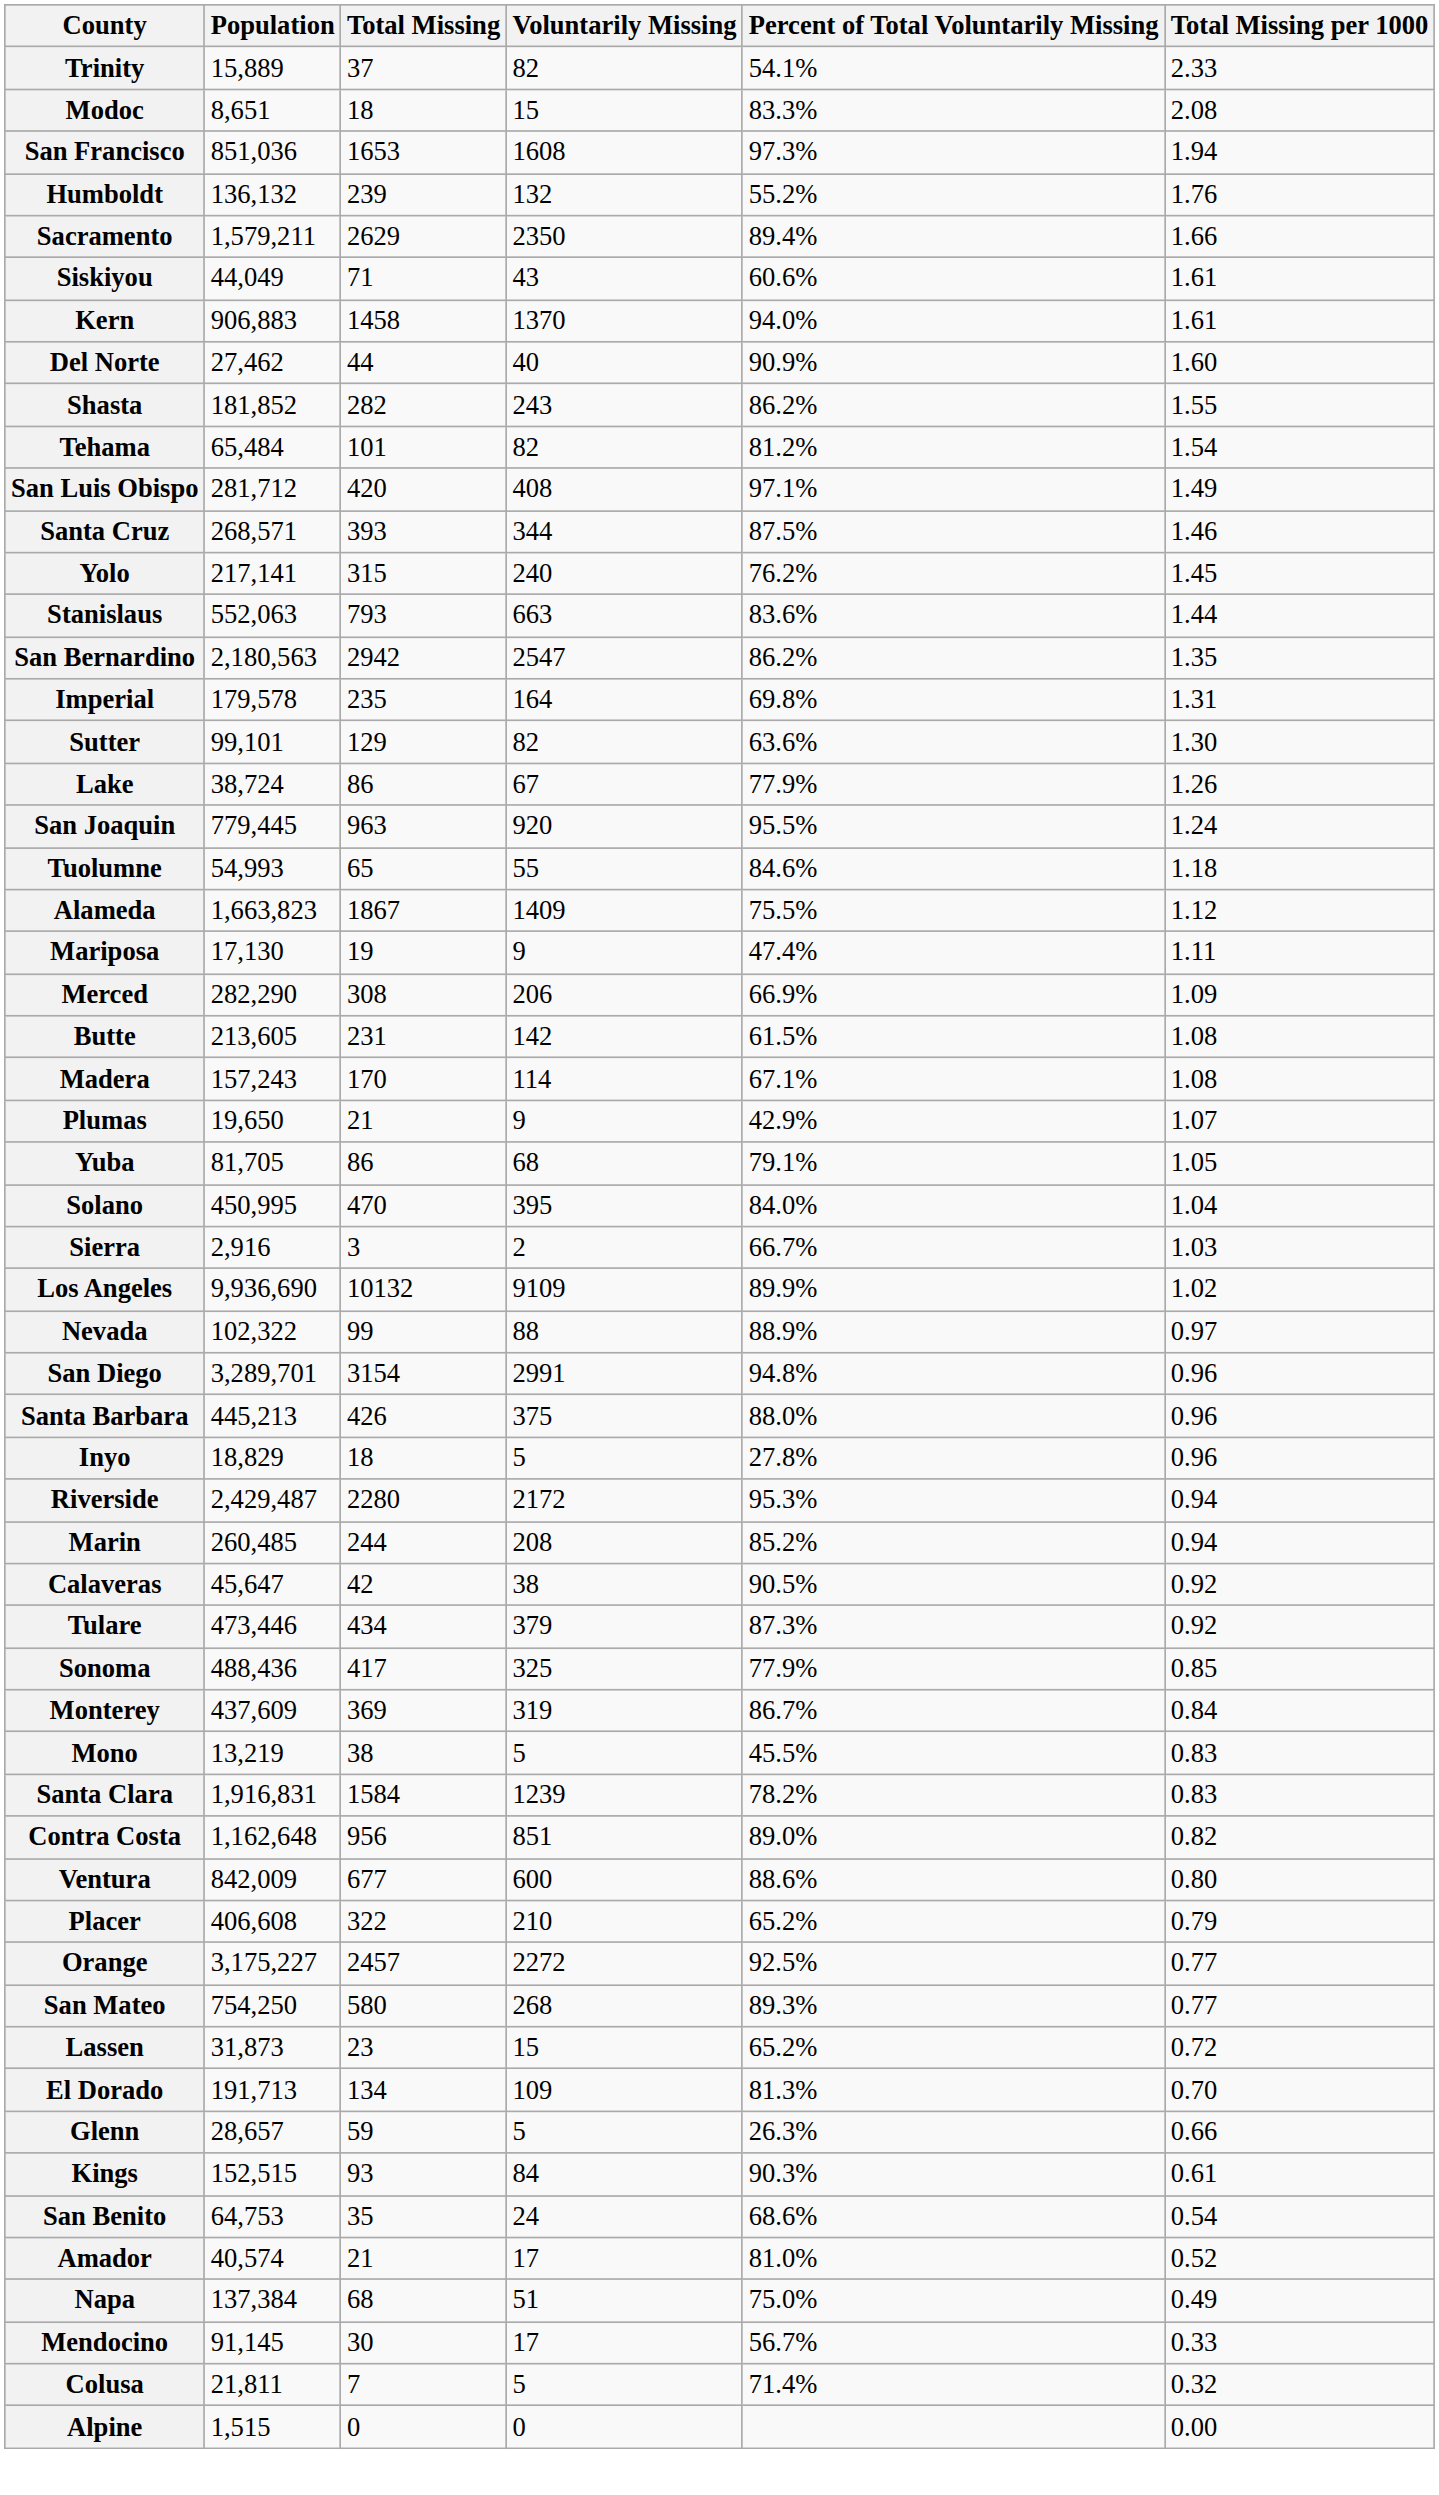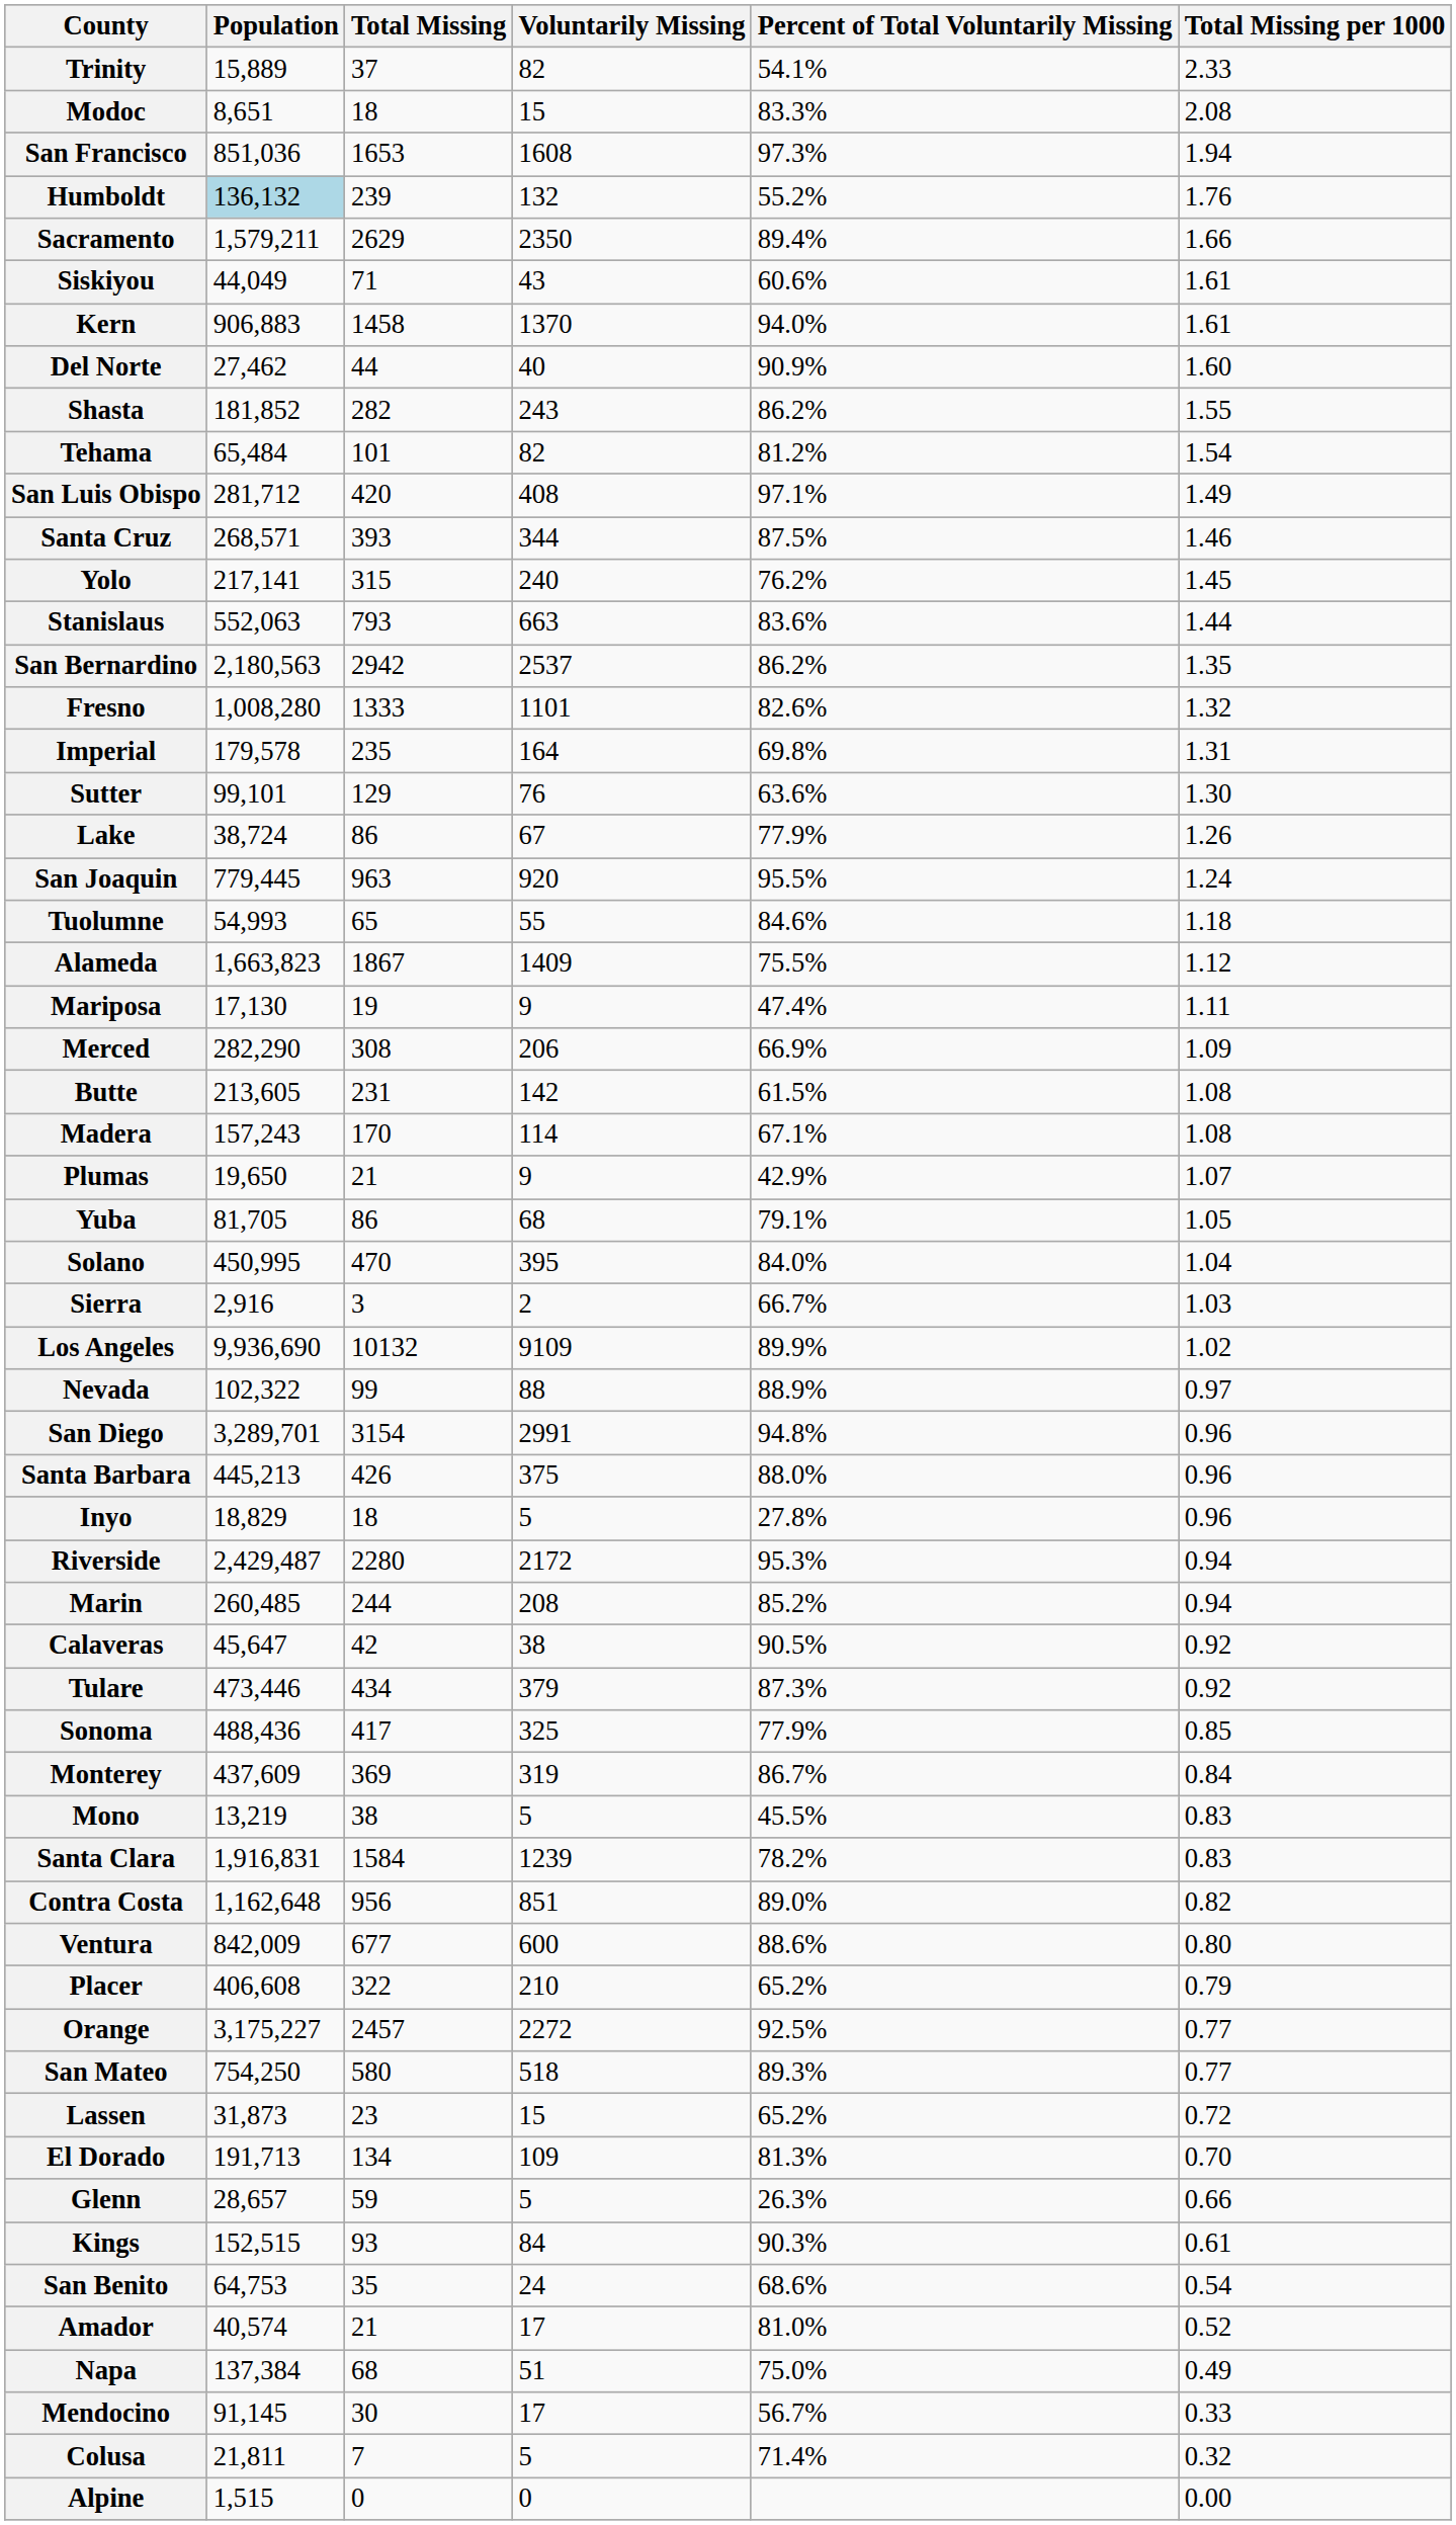 <table class="wikitable collapsible collapsed sortable”">
 <tr>
 <th>County</th>
 <th>Population </th>
 <th>Total Missing </th>
 <th>Voluntarily Missing </th>
 <th>Percent of Total Voluntarily Missing</th>
 <th>Total Missing per 1000</th>
 </tr>
 <tr>
 <th>Trinity</th>
 <td>15,889</td>
 <td>37</td>
 <td>82</td>
 <td>54.1%</td>
 <td>2.33</td>
 </tr>
 <tr>
 <th>Modoc</th>
 <td>8,651</td>
 <td>18</td>
 <td>15</td>
 <td>83.3%</td>
 <td>2.08</td>
 </tr>
 <tr>
 <th>San Francisco</th>
 <td>851,036</td>
 <td>1653</td>
 <td>1608</td>
 <td>97.3%</td>
 <td>1.94</td>
 </tr>
 <tr>
 <th>Humboldt</th>
-<td>136,132</td>
+<td style="background: lightblue;">136,132</td>
 <td>239</td>
 <td>132</td>
 <td>55.2%</td>
 <td>1.76</td>
 </tr>
 <tr>
 <th>Sacramento</th>
 <td>1,579,211</td>
 <td>2629</td>
 <td>2350</td>
 <td>89.4%</td>
 <td>1.66</td>
 </tr>
 <tr>
 <th>Siskiyou</th>
 <td>44,049</td>
 <td>71</td>
 <td>43</td>
 <td>60.6%</td>
 <td>1.61</td>
 </tr>
 <tr>
 <th>Kern</th>
 <td>906,883</td>
 <td>1458</td>
 <td>1370</td>
 <td>94.0%</td>
 <td>1.61</td>
 </tr>
 <tr>
 <th>Del Norte</th>
 <td>27,462</td>
 <td>44</td>
 <td>40</td>
 <td>90.9%</td>
 <td>1.60</td>
 </tr>
 <tr>
 <th>Shasta</th>
 <td>181,852</td>
 <td>282</td>
 <td>243</td>
 <td>86.2%</td>
 <td>1.55</td>
 </tr>
 <tr>
 <th>Tehama</th>
 <td>65,484</td>
 <td>101</td>
 <td>82</td>
 <td>81.2%</td>
 <td>1.54</td>
 </tr>
 <tr>
 <th>San Luis Obispo</th>
 <td>281,712</td>
 <td>420</td>
 <td>408</td>
 <td>97.1%</td>
 <td>1.49</td>
 </tr>
 <tr>
 <th>Santa Cruz</th>
 <td>268,571</td>
 <td>393</td>
 <td>344</td>
 <td>87.5%</td>
 <td>1.46</td>
 </tr>
 <tr>
 <th>Yolo</th>
 <td>217,141</td>
 <td>315</td>
 <td>240</td>
 <td>76.2%</td>
 <td>1.45</td>
 </tr>
 <tr>
 <th>Stanislaus</th>
 <td>552,063</td>
 <td>793</td>
 <td>663</td>
 <td>83.6%</td>
 <td>1.44</td>
 </tr>
 <tr>
 <th>San Bernardino</th>
 <td>2,180,563</td>
 <td>2942</td>
-<td>2547</td>
+<td>2537</td>
 <td>86.2%</td>
 <td>1.35</td>
+</tr>
+<tr>
+<th>Fresno</th>
+<td>1,008,280</td>
+<td>1333</td>
+<td>1101</td>
+<td>82.6%</td>
+<td>1.32</td>
 </tr>
 <tr>
 <th>Imperial</th>
 <td>179,578</td>
 <td>235</td>
 <td>164</td>
 <td>69.8%</td>
 <td>1.31</td>
 </tr>
 <tr>
 <th>Sutter</th>
 <td>99,101</td>
 <td>129</td>
-<td>82</td>
+<td>76</td>
 <td>63.6%</td>
 <td>1.30</td>
 </tr>
 <tr>
 <th>Lake</th>
 <td>38,724</td>
 <td>86</td>
 <td>67</td>
 <td>77.9%</td>
 <td>1.26</td>
 </tr>
 <tr>
 <th>San Joaquin</th>
 <td>779,445</td>
 <td>963</td>
 <td>920</td>
 <td>95.5%</td>
 <td>1.24</td>
 </tr>
 <tr>
 <th>Tuolumne</th>
 <td>54,993</td>
 <td>65</td>
 <td>55</td>
 <td>84.6%</td>
 <td>1.18</td>
 </tr>
 <tr>
 <th>Alameda</th>
 <td>1,663,823</td>
 <td>1867</td>
 <td>1409</td>
 <td>75.5%</td>
 <td>1.12</td>
 </tr>
 <tr>
 <th>Mariposa</th>
 <td>17,130</td>
 <td>19</td>
 <td>9</td>
 <td>47.4%</td>
 <td>1.11</td>
 </tr>
 <tr>
 <th>Merced</th>
 <td>282,290</td>
 <td>308</td>
 <td>206</td>
 <td>66.9%</td>
 <td>1.09</td>
 </tr>
 <tr>
 <th>Butte</th>
 <td>213,605</td>
 <td>231</td>
 <td>142</td>
 <td>61.5%</td>
 <td>1.08</td>
 </tr>
 <tr>
 <th>Madera</th>
 <td>157,243</td>
 <td>170</td>
 <td>114</td>
 <td>67.1%</td>
 <td>1.08</td>
 </tr>
 <tr>
 <th>Plumas</th>
 <td>19,650</td>
 <td>21</td>
 <td>9</td>
 <td>42.9%</td>
 <td>1.07</td>
 </tr>
 <tr>
 <th>Yuba</th>
 <td>81,705</td>
 <td>86</td>
 <td>68</td>
 <td>79.1%</td>
 <td>1.05</td>
 </tr>
 <tr>
 <th>Solano</th>
 <td>450,995</td>
 <td>470</td>
 <td>395</td>
 <td>84.0%</td>
 <td>1.04</td>
 </tr>
 <tr>
 <th>Sierra</th>
 <td>2,916</td>
 <td>3</td>
 <td>2</td>
 <td>66.7%</td>
 <td>1.03</td>
 </tr>
 <tr>
 <th>Los Angeles</th>
 <td>9,936,690</td>
 <td>10132</td>
 <td>9109</td>
 <td>89.9%</td>
 <td>1.02</td>
 </tr>
 <tr>
 <th>Nevada</th>
 <td>102,322</td>
 <td>99</td>
 <td>88</td>
 <td>88.9%</td>
 <td>0.97</td>
 </tr>
 <tr>
 <th>San Diego</th>
 <td>3,289,701</td>
 <td>3154</td>
 <td>2991</td>
 <td>94.8%</td>
 <td>0.96</td>
 </tr>
 <tr>
 <th>Santa Barbara</th>
 <td>445,213</td>
 <td>426</td>
 <td>375</td>
 <td>88.0%</td>
 <td>0.96</td>
 </tr>
 <tr>
 <th>Inyo</th>
 <td>18,829</td>
 <td>18</td>
 <td>5</td>
 <td>27.8%</td>
 <td>0.96</td>
 </tr>
 <tr>
 <th>Riverside</th>
 <td>2,429,487</td>
 <td>2280</td>
 <td>2172</td>
 <td>95.3%</td>
 <td>0.94</td>
 </tr>
 <tr>
 <th>Marin</th>
 <td>260,485</td>
 <td>244</td>
 <td>208</td>
 <td>85.2%</td>
 <td>0.94</td>
 </tr>
 <tr>
 <th>Calaveras</th>
 <td>45,647</td>
 <td>42</td>
 <td>38</td>
 <td>90.5%</td>
 <td>0.92</td>
 </tr>
 <tr>
 <th>Tulare</th>
 <td>473,446</td>
 <td>434</td>
 <td>379</td>
 <td>87.3%</td>
 <td>0.92</td>
 </tr>
 <tr>
 <th>Sonoma</th>
 <td>488,436</td>
 <td>417</td>
 <td>325</td>
 <td>77.9%</td>
 <td>0.85</td>
 </tr>
 <tr>
 <th>Monterey</th>
 <td>437,609</td>
 <td>369</td>
 <td>319</td>
 <td>86.7%</td>
 <td>0.84</td>
 </tr>
 <tr>
 <th>Mono</th>
 <td>13,219</td>
 <td>38</td>
 <td>5</td>
 <td>45.5%</td>
 <td>0.83</td>
 </tr>
 <tr>
 <th>Santa Clara</th>
 <td>1,916,831</td>
 <td>1584</td>
 <td>1239</td>
 <td>78.2%</td>
 <td>0.83</td>
 </tr>
 <tr>
 <th>Contra Costa</th>
 <td>1,162,648</td>
 <td>956</td>
 <td>851</td>
 <td>89.0%</td>
 <td>0.82</td>
 </tr>
 <tr>
 <th>Ventura</th>
 <td>842,009</td>
 <td>677</td>
 <td>600</td>
 <td>88.6%</td>
 <td>0.80</td>
 </tr>
 <tr>
 <th>Placer</th>
 <td>406,608</td>
 <td>322</td>
 <td>210</td>
 <td>65.2%</td>
 <td>0.79</td>
 </tr>
 <tr>
 <th>Orange</th>
 <td>3,175,227</td>
 <td>2457</td>
 <td>2272</td>
 <td>92.5%</td>
 <td>0.77</td>
 </tr>
 <tr>
 <th>San Mateo</th>
 <td>754,250</td>
 <td>580</td>
-<td>268</td>
+<td>518</td>
 <td>89.3%</td>
 <td>0.77</td>
 </tr>
 <tr>
 <th>Lassen</th>
 <td>31,873</td>
 <td>23</td>
 <td>15</td>
 <td>65.2%</td>
 <td>0.72</td>
 </tr>
 <tr>
 <th>El Dorado</th>
 <td>191,713</td>
 <td>134</td>
 <td>109</td>
 <td>81.3%</td>
 <td>0.70</td>
 </tr>
 <tr>
 <th>Glenn</th>
 <td>28,657</td>
 <td>59</td>
 <td>5</td>
 <td>26.3%</td>
 <td>0.66</td>
 </tr>
 <tr>
 <th>Kings</th>
 <td>152,515</td>
 <td>93</td>
 <td>84</td>
 <td>90.3%</td>
 <td>0.61</td>
 </tr>
 <tr>
 <th>San Benito</th>
 <td>64,753</td>
 <td>35</td>
 <td>24</td>
 <td>68.6%</td>
 <td>0.54</td>
 </tr>
 <tr>
 <th>Amador</th>
 <td>40,574</td>
 <td>21</td>
 <td>17</td>
 <td>81.0%</td>
 <td>0.52</td>
 </tr>
 <tr>
 <th>Napa</th>
 <td>137,384</td>
 <td>68</td>
 <td>51</td>
 <td>75.0%</td>
 <td>0.49</td>
 </tr>
 <tr>
 <th>Mendocino</th>
 <td>91,145</td>
 <td>30</td>
 <td>17</td>
 <td>56.7%</td>
 <td>0.33</td>
 </tr>
 <tr>
 <th>Colusa</th>
 <td>21,811</td>
 <td>7</td>
 <td>5</td>
 <td>71.4%</td>
 <td>0.32</td>
 </tr>
 <tr>
 <th>Alpine</th>
 <td>1,515</td>
 <td>0</td>
 <td>0</td>
 <td></td>
 <td>0.00</td>
 </tr>
 </table>
